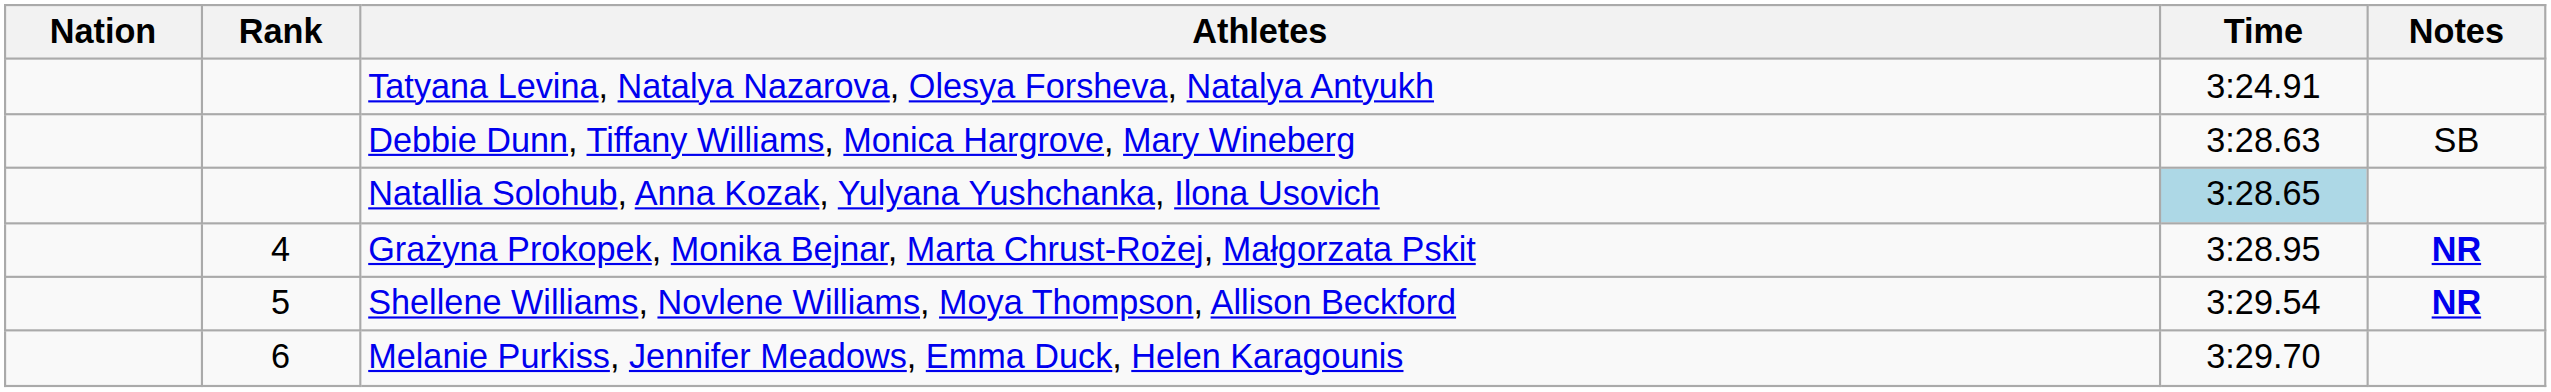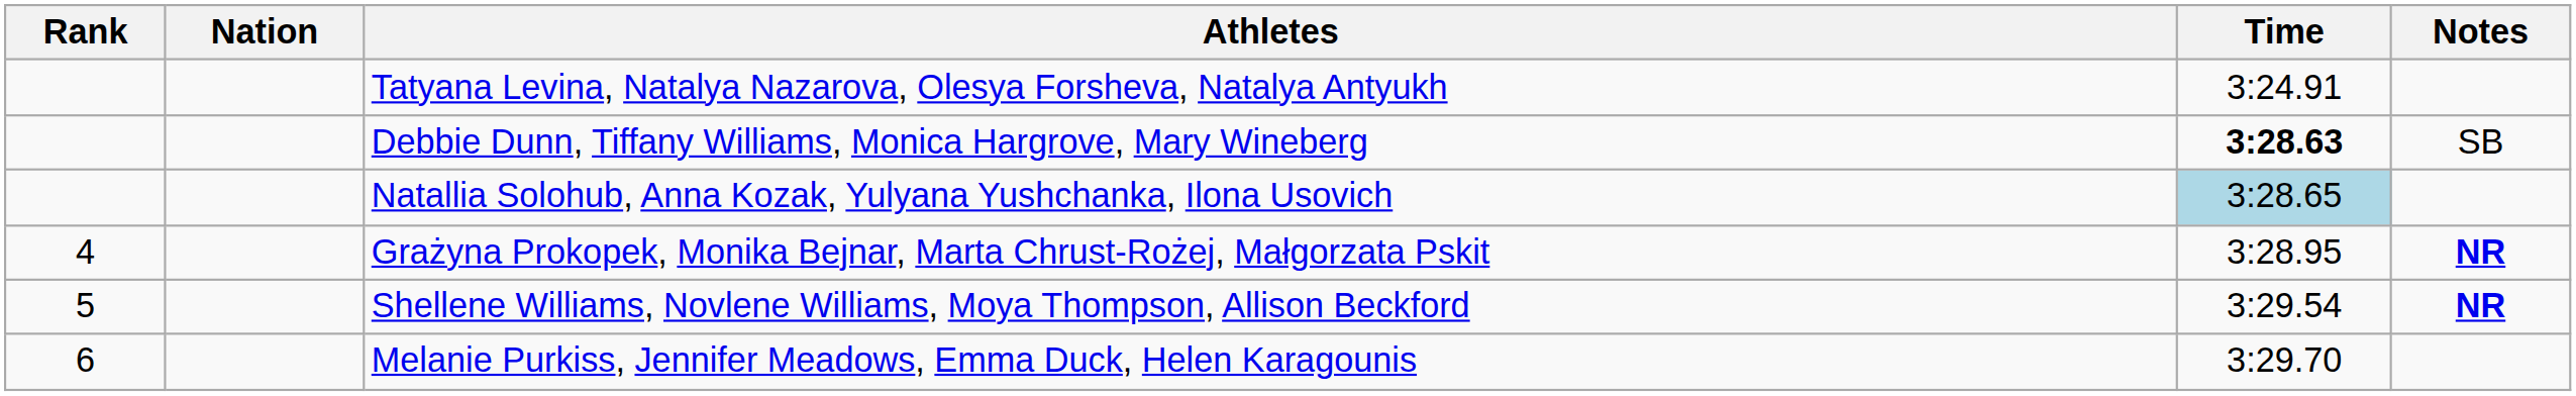 <table class="wikitable sortable" width=75% style="text-align:center">
 <tr>
+<th>Rank</th>
 <th>Nation</th>
-<th>Rank</th>
 <th>Athletes</th>
 <th>Time</th>
 <th>Notes</th>
 </tr>
 <tr>
+<td></td>
 <td align=left></td>
-<td></td>
 <td align=left><a href='#'>Tatyana Levina</a>, <a href='#'>Natalya Nazarova</a>, <a href='#'>Olesya Forsheva</a>, <a href='#'>Natalya Antyukh</a></td>
 <td>3:24.91</td>
 <td></td>
 </tr>
 <tr>
+<td></td>
 <td align=left></td>
-<td></td>
 <td align=left><a href='#'>Debbie Dunn</a>, <a href='#'>Tiffany Williams</a>, <a href='#'>Monica Hargrove</a>, <a href='#'>Mary Wineberg</a></td>
-<td>3:28.63</td>
+<td><strong>3:28.63</strong></td>
 <td>SB</td>
 </tr>
 <tr>
+<td></td>
 <td align=left></td>
-<td></td>
 <td align=left><a href='#'>Natallia Solohub</a>, <a href='#'>Anna Kozak</a>, <a href='#'>Yulyana Yushchanka</a>, <a href='#'>Ilona Usovich</a></td>
 <td style="background: lightblue;">3:28.65</td>
 <td></td>
 </tr>
 <tr>
+<td>4</td>
 <td align=left></td>
-<td>4</td>
 <td align=left><a href='#'>Grażyna Prokopek</a>, <a href='#'>Monika Bejnar</a>, <a href='#'>Marta Chrust-Rożej</a>, <a href='#'>Małgorzata Pskit</a></td>
 <td>3:28.95</td>
 <td><strong><a href='#'>NR</a></strong></td>
 </tr>
 <tr>
+<td>5</td>
 <td align=left></td>
-<td>5</td>
 <td align=left><a href='#'>Shellene Williams</a>, <a href='#'>Novlene Williams</a>, <a href='#'>Moya Thompson</a>, <a href='#'>Allison Beckford</a></td>
 <td>3:29.54</td>
 <td><strong><a href='#'>NR</a></strong></td>
 </tr>
 <tr>
+<td>6</td>
 <td align=left></td>
-<td>6</td>
 <td align=left><a href='#'>Melanie Purkiss</a>, <a href='#'>Jennifer Meadows</a>, <a href='#'>Emma Duck</a>, <a href='#'>Helen Karagounis</a></td>
 <td>3:29.70</td>
 <td></td>
 </tr>
 </table>
